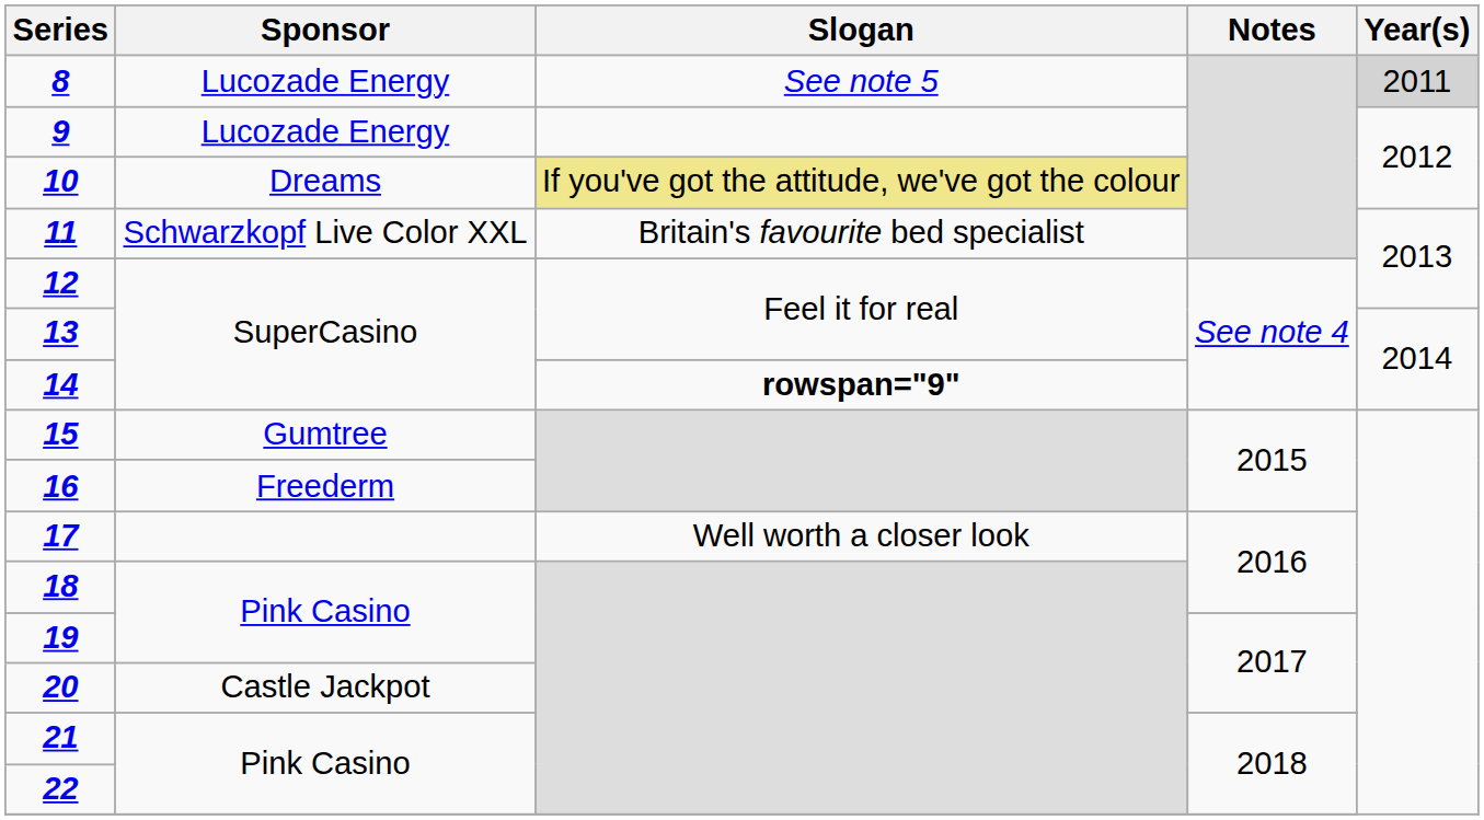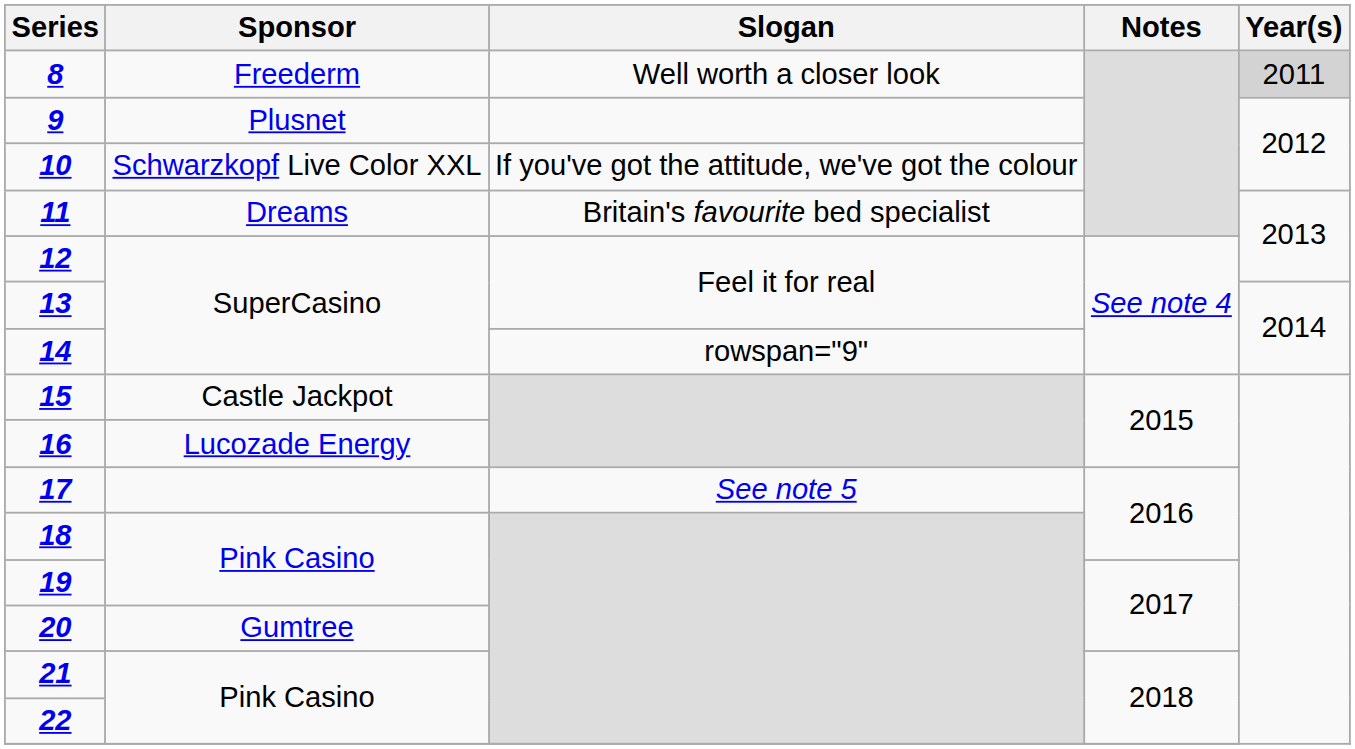 <table class="wikitable" style="text-align:center">
 <tr>
 <th>Series</th>
 <th>Sponsor</th>
 <th>Slogan</th>
 <th>Notes</th>
 <th>Year(s)</th>
 </tr>
 <tr>
 <td><strong><em><a href='#'>8</a></em></strong></td>
-<td><a href='#'>Lucozade Energy</a></td>
-<td><em><a href='#'>See note 5</a></em></td>
+<td><a href='#'>Freederm</a></td>
+<td>Well worth a closer look</td>
 <td rowspan="4" style="background:#ddd;"></td>
 <td style="background: lightgrey;">2011</td>
 </tr>
 <tr>
 <td><strong><em><a href='#'>9</a></em></strong></td>
-<td><a href='#'>Lucozade Energy</a></td>
+<td><a href='#'>Plusnet</a></td>
 <td></td>
 <td rowspan="2">2012</td>
 </tr>
 <tr>
 <td><strong><em><a href='#'>10</a></em></strong></td>
-<td><a href='#'>Dreams</a></td>
-<td style="background: khaki;">If you've got the attitude, we've got the colour</td>
+<td><a href='#'>Schwarzkopf</a> Live Color XXL</td>
+<td>If you've got the attitude, we've got the colour</td>
 </tr>
 <tr>
 <td><strong><em><a href='#'>11</a></em></strong></td>
-<td><a href='#'>Schwarzkopf</a> Live Color XXL</td>
+<td><a href='#'>Dreams</a></td>
 <td>Britain's <em>favourite</em> bed specialist</td>
 <td rowspan="2">2013</td>
 </tr>
 <tr>
 <td><strong><em><a href='#'>12</a></em></strong></td>
 <td rowspan=3>SuperCasino</td>
 <td rowspan="2">Feel it for real</td>
 <td rowspan="3"><em><a href='#'>See note 4</a></em></td>
 </tr>
 <tr>
 <td><strong><em><a href='#'>13</a></em></strong></td>
 <td rowspan="2">2014</td>
 </tr>
 <tr>
 <td><strong><em><a href='#'>14</a></em></strong></td>
-<td><strong>rowspan="9" </strong></td>
+<td>rowspan="9" </td>
 </tr>
 <tr>
 <td><strong><em><a href='#'>15</a></em></strong></td>
-<td><a href='#'>Gumtree</a></td>
+<td>Castle Jackpot</td>
 <td rowspan="2" style="background:#ddd;"></td>
 <td rowspan="2">2015</td>
 </tr>
 <tr>
 <td><strong><em><a href='#'>16</a></em></strong></td>
-<td><a href='#'>Freederm</a></td>
+<td><a href='#'>Lucozade Energy</a></td>
 </tr>
 <tr>
 <td><strong><em><a href='#'>17</a></em></strong></td>
 <td></td>
-<td>Well worth a closer look</td>
+<td><em><a href='#'>See note 5</a></em></td>
 <td rowspan="2">2016</td>
 </tr>
 <tr>
 <td><strong><em><a href='#'>18</a></em></strong></td>
 <td rowspan=2><a href='#'>Pink Casino</a></td>
 <td rowspan="5" style="background:#ddd;"></td>
 </tr>
 <tr>
 <td><strong><em><a href='#'>19</a></em></strong></td>
 <td rowspan="2">2017</td>
 </tr>
 <tr>
 <td><strong><em><a href='#'>20</a></em></strong></td>
-<td>Castle Jackpot</td>
+<td><a href='#'>Gumtree</a></td>
 </tr>
 <tr>
 <td><strong><em><a href='#'>21</a></em></strong></td>
 <td rowspan=2>Pink Casino</td>
 <td rowspan="2">2018</td>
 </tr>
 <tr>
 <td><strong><em><a href='#'>22</a></em></strong></td>
 </tr>
 <tr>
 </tr>
 </table>
